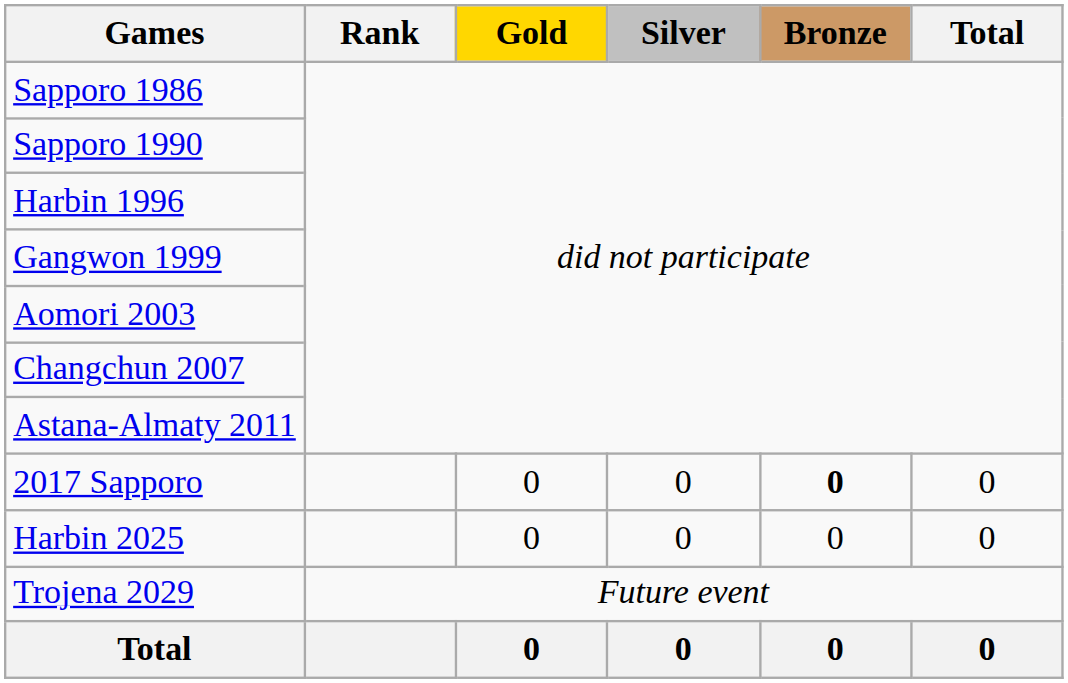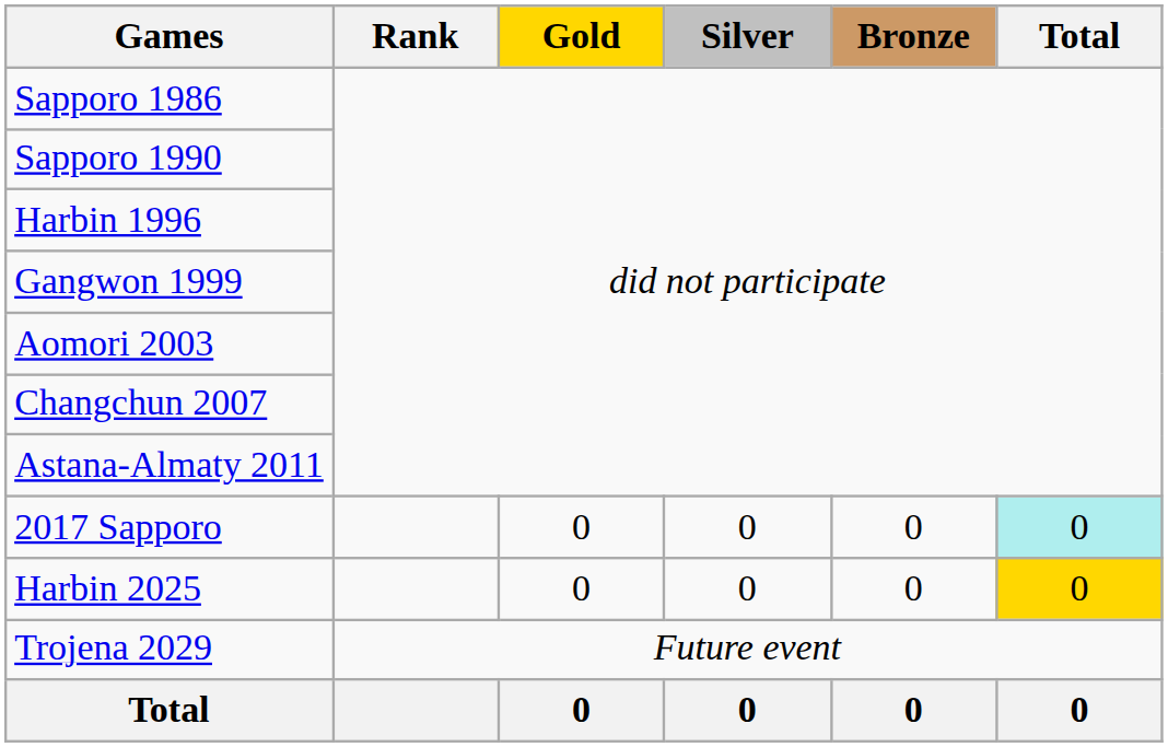 <table class="wikitable" style="text-align:center; font-size:90%;">
 <tr>
 <th>Games</th>
 <th style="width:4em;">Rank</th>
 <th style="background:gold; width:4em;"><strong>Gold</strong></th>
 <th style="background:silver; width:4em;"><strong>Silver</strong></th>
 <th style="background:#cc9966; width:4em;"><strong>Bronze</strong></th>
 <th style="width:4em;">Total</th>
 </tr>
 <tr>
 <td align=left> <a href='#'>Sapporo 1986</a></td>
 <td colspan=5 rowspan="7"><em>did not participate</em></td>
 </tr>
 <tr>
 <td align=left> <a href='#'>Sapporo 1990</a></td>
 </tr>
 <tr>
 <td align=left> <a href='#'>Harbin 1996</a></td>
 </tr>
 <tr>
 <td align=left> <a href='#'>Gangwon 1999</a></td>
 </tr>
 <tr>
 <td align=left> <a href='#'>Aomori 2003</a></td>
 </tr>
 <tr>
 <td align=left> <a href='#'>Changchun 2007</a></td>
 </tr>
 <tr>
 <td align=left> <a href='#'>Astana-Almaty 2011</a></td>
 </tr>
 <tr>
 <td align=left> <a href='#'>2017 Sapporo</a></td>
 <td></td>
 <td>0</td>
 <td>0</td>
-<td><strong>0</strong></td>
 <td>0</td>
+<td style="background: paleturquoise;">0</td>
 </tr>
 <tr>
 <td align=left> <a href='#'>Harbin 2025</a></td>
 <td></td>
 <td>0</td>
 <td>0</td>
 <td>0</td>
-<td>0</td>
+<td style="background: gold;">0</td>
 </tr>
 <tr>
 <td align=left> <a href='#'>Trojena 2029</a></td>
 <td colspan=5><em>Future event</em></td>
 </tr>
 <tr>
 <th>Total</th>
 <th></th>
 <th>0</th>
 <th>0</th>
 <th>0</th>
 <th>0</th>
 </tr>
 </table>
